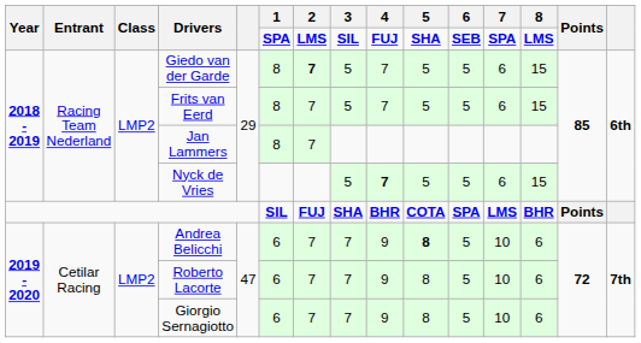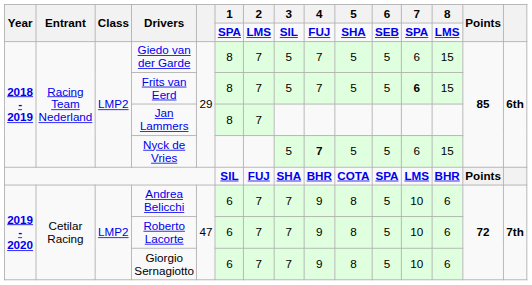 <table class="wikitable" style="text-align:center; font-size:90%">
 <tr>
 <th rowspan="2">Year</th>
 <th rowspan="2">Entrant</th>
 <th rowspan="2">Class</th>
 <th rowspan="2">Drivers</th>
 <th rowspan="2"></th>
 <th>1</th>
 <th>2</th>
 <th>3</th>
 <th>4</th>
 <th>5</th>
 <th>6</th>
 <th>7</th>
 <th>8</th>
 <th rowspan="2">Points</th>
 <th rowspan="2"></th>
 </tr>
 <tr>
 <td><a href='#'><strong>SPA</strong></a><br><strong></strong></td>
 <td><a href='#'><strong>LMS</strong></a><br><strong></strong></td>
 <td><a href='#'><strong>SIL</strong></a><br><strong></strong></td>
 <td><a href='#'><strong>FUJ</strong></a><br><strong></strong></td>
 <td><a href='#'><strong>SHA</strong></a><br><strong></strong></td>
 <td><a href='#'><strong>SEB</strong></a><br><strong></strong></td>
 <td><a href='#'><strong>SPA</strong></a><br><strong></strong></td>
 <td><strong><a href='#'>LMS</a></strong><br><strong></strong></td>
 </tr>
 <tr>
 <td rowspan="4"><a href='#'><strong>2018 - 2019</strong></a></td>
 <td rowspan="4"> <a href='#'>Racing Team Nederland</a></td>
 <td rowspan="4"><a href='#'>LMP2</a></td>
 <td> <a href='#'>Giedo van der Garde</a></td>
 <td rowspan="4">29</td>
 <td style="background:#DFFFDF;">8</td>
-<td style="background:#DFFFDF;"><strong>7</strong></td>
+<td style="background:#DFFFDF;">7</td>
 <td style="background:#DFFFDF;">5</td>
 <td style="background:#DFFFDF;">7</td>
 <td style="background:#DFFFDF;">5</td>
 <td style="background:#DFFFDF;">5</td>
 <td style="background:#DFFFDF;">6</td>
 <td style="background:#DFFFDF;">15</td>
 <td rowspan="4"><strong>85</strong></td>
 <td rowspan="4"><strong>6th</strong></td>
 </tr>
 <tr>
 <td> <a href='#'>Frits van Eerd</a></td>
 <td style="background:#DFFFDF;">8</td>
 <td style="background:#DFFFDF;">7</td>
 <td style="background:#DFFFDF;">5</td>
 <td style="background:#DFFFDF;">7</td>
 <td style="background:#DFFFDF;">5</td>
 <td style="background:#DFFFDF;">5</td>
-<td style="background:#DFFFDF;">6</td>
+<td style="background:#DFFFDF;"><strong>6</strong></td>
 <td style="background:#DFFFDF;">15</td>
 </tr>
 <tr>
 <td> <a href='#'>Jan Lammers</a></td>
 <td style="background:#DFFFDF;">8</td>
 <td style="background:#DFFFDF;">7</td>
 <td></td>
 <td></td>
 <td></td>
 <td></td>
 <td></td>
 <td></td>
 </tr>
 <tr>
 <td> <a href='#'>Nyck de Vries</a></td>
 <td></td>
 <td></td>
 <td style="background:#DFFFDF;">5</td>
 <td style="background:#DFFFDF;"><strong>7</strong></td>
 <td style="background:#DFFFDF;">5</td>
 <td style="background:#DFFFDF;">5</td>
 <td style="background:#DFFFDF;">6</td>
 <td style="background:#DFFFDF;">15</td>
 </tr>
 <tr>
 <td colspan="5"></td>
 <td><strong><a href='#'>SIL</a></strong><br><strong></strong></td>
 <td><strong><a href='#'>FUJ</a></strong><br><strong></strong></td>
 <td><strong><a href='#'>SHA</a></strong><br><strong></strong></td>
 <td><a href='#'><strong>BHR</strong></a><br><strong></strong></td>
 <td><a href='#'><strong>COTA</strong></a><br><strong></strong></td>
 <td><strong><a href='#'>SPA</a></strong><br><strong></strong></td>
 <td><strong><a href='#'>LMS</a></strong><br><strong></strong></td>
 <td><strong><a href='#'>BHR</a></strong><br><strong></strong></td>
 <th>Points</th>
 <th></th>
 </tr>
 <tr>
 <td rowspan="3"><strong><a href='#'>2019 - 2020</a></strong></td>
 <td rowspan="3"> Cetilar Racing</td>
 <td rowspan="3"><a href='#'>LMP2</a></td>
 <td> <a href='#'>Andrea Belicchi</a></td>
 <td rowspan="3">47</td>
 <td style="background:#DFFFDF;">6</td>
 <td style="background:#DFFFDF;">7</td>
 <td style="background:#DFFFDF;">7</td>
 <td style="background:#DFFFDF;">9</td>
-<td style="background:#DFFFDF;"><strong>8</strong></td>
+<td style="background:#DFFFDF;">8</td>
 <td style="background:#DFFFDF;">5</td>
 <td style="background:#DFFFDF;">10</td>
 <td style="background:#DFFFDF;">6</td>
 <td rowspan="3"><strong>72</strong></td>
 <td rowspan="3"><strong>7th</strong></td>
 </tr>
 <tr>
 <td> <a href='#'>Roberto Lacorte</a></td>
 <td style="background:#DFFFDF;">6</td>
 <td style="background:#DFFFDF;">7</td>
 <td style="background:#DFFFDF;">7</td>
 <td style="background:#DFFFDF;">9</td>
 <td style="background:#DFFFDF;">8</td>
 <td style="background:#DFFFDF;">5</td>
 <td style="background:#DFFFDF;">10</td>
 <td style="background:#DFFFDF;">6</td>
 </tr>
 <tr>
 <td> Giorgio Sernagiotto</td>
 <td style="background:#DFFFDF;">6</td>
 <td style="background:#DFFFDF;">7</td>
 <td style="background:#DFFFDF;">7</td>
 <td style="background:#DFFFDF;">9</td>
 <td style="background:#DFFFDF;">8</td>
 <td style="background:#DFFFDF;">5</td>
 <td style="background:#DFFFDF;">10</td>
 <td style="background:#DFFFDF;">6</td>
 </tr>
 </table>
